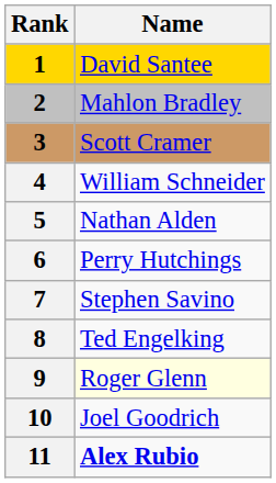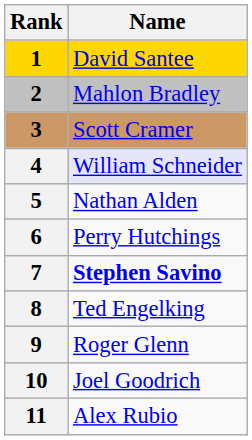 <table class="wikitable">
 <tr>
 <th>Rank</th>
 <th>Name</th>
 </tr>
 <tr bgcolor="gold">
 <td align="center"><strong>1</strong></td>
 <td><a href='#'>David Santee</a></td>
 </tr>
 <tr bgcolor="silver">
 <td align="center"><strong>2</strong></td>
 <td><a href='#'>Mahlon Bradley</a></td>
 </tr>
 <tr bgcolor="cc9966">
 <td align="center"><strong>3</strong></td>
 <td><a href='#'>Scott Cramer</a></td>
 </tr>
 <tr>
 <th>4</th>
-<td><a href='#'>William Schneider</a></td>
+<td style="background: lavender;"><a href='#'>William Schneider</a></td>
 </tr>
 <tr>
 <th>5</th>
 <td><a href='#'>Nathan Alden</a></td>
 </tr>
 <tr>
 <th>6</th>
 <td><a href='#'>Perry Hutchings</a></td>
 </tr>
 <tr>
 <th>7</th>
-<td><a href='#'>Stephen Savino</a></td>
+<td><strong><a href='#'>Stephen Savino</a></strong></td>
 </tr>
 <tr>
 <th>8</th>
 <td><a href='#'>Ted Engelking</a></td>
 </tr>
 <tr>
 <th>9</th>
-<td style="background: lightyellow;"><a href='#'>Roger Glenn</a></td>
+<td><a href='#'>Roger Glenn</a></td>
 </tr>
 <tr>
 <th>10</th>
 <td><a href='#'>Joel Goodrich</a></td>
 </tr>
 <tr>
 <th>11</th>
-<td><strong><a href='#'>Alex Rubio</a></strong></td>
+<td><a href='#'>Alex Rubio</a></td>
 </tr>
 </table>
